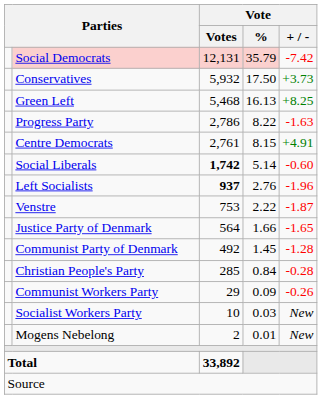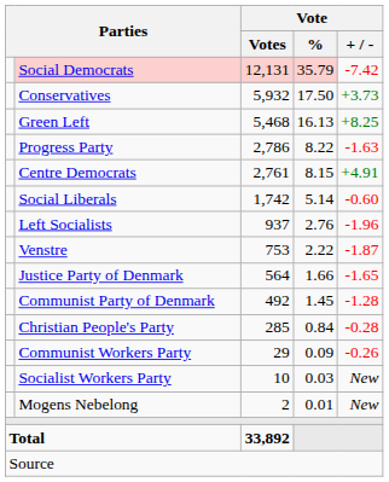 <table class="wikitable" style="text-align:right;">
 <tr>
 <th style="text-align:centre;" rowspan="2" colspan="2" width="225">Parties</th>
 <th colspan="3">Vote</th>
 </tr>
 <tr>
 <th width="15">Votes</th>
 <th width="15">%</th>
 <th width="15">+ / -</th>
 </tr>
 <tr>
 <td width="2" style="color:inherit;background:"></td>
 <td bgcolor=#fbd0ce  align="left"><a href='#'>Social Democrats</a></td>
 <td bgcolor=#fbd0ce>12,131</td>
 <td bgcolor=#fbd0ce>35.79</td>
 <td style=color:red;>-7.42</td>
 </tr>
 <tr>
 <td width="2" style="color:inherit;background:"></td>
 <td align="left"><a href='#'>Conservatives</a></td>
 <td>5,932</td>
 <td>17.50</td>
 <td style=color:green;>+3.73</td>
 </tr>
 <tr>
 <td width="2" style="color:inherit;background:"></td>
 <td align="left"><a href='#'>Green Left</a></td>
 <td>5,468</td>
 <td>16.13</td>
 <td style=color:green;>+8.25</td>
 </tr>
 <tr>
 <td width="2" style="color:inherit;background:"></td>
 <td align="left"><a href='#'>Progress Party</a></td>
 <td>2,786</td>
 <td>8.22</td>
 <td style=color:red;>-1.63</td>
 </tr>
 <tr>
 <td width="2" style="color:inherit;background:"></td>
 <td align="left"><a href='#'>Centre Democrats</a></td>
 <td>2,761</td>
 <td>8.15</td>
 <td style=color:green;>+4.91</td>
 </tr>
 <tr>
 <td width="2" style="color:inherit;background:"></td>
 <td align="left"><a href='#'>Social Liberals</a></td>
-<td><strong>1,742</strong></td>
+<td>1,742</td>
 <td>5.14</td>
 <td style=color:red;>-0.60</td>
 </tr>
 <tr>
 <td width="2" style="color:inherit;background:"></td>
 <td align="left"><a href='#'>Left Socialists</a></td>
-<td><strong>937</strong></td>
+<td>937</td>
 <td>2.76</td>
 <td style=color:red;>-1.96</td>
 </tr>
 <tr>
 <td width="2" style="color:inherit;background:"></td>
 <td align="left"><a href='#'>Venstre</a></td>
 <td>753</td>
 <td>2.22</td>
 <td style=color:red;>-1.87</td>
 </tr>
 <tr>
 <td width="2" style="color:inherit;background:"></td>
 <td align="left"><a href='#'>Justice Party of Denmark</a></td>
 <td>564</td>
 <td>1.66</td>
 <td style=color:red;>-1.65</td>
 </tr>
 <tr>
 <td width="2" style="color:inherit;background:"></td>
 <td align="left"><a href='#'>Communist Party of Denmark</a></td>
 <td>492</td>
 <td>1.45</td>
 <td style=color:red;>-1.28</td>
 </tr>
 <tr>
 <td width="2" style="color:inherit;background:"></td>
 <td align="left"><a href='#'>Christian People's Party</a></td>
 <td>285</td>
 <td>0.84</td>
 <td style=color:red;>-0.28</td>
 </tr>
 <tr>
 <td width="2" style="color:inherit;background:"></td>
 <td align="left"><a href='#'>Communist Workers Party</a></td>
 <td>29</td>
 <td>0.09</td>
 <td style=color:red;>-0.26</td>
 </tr>
 <tr>
 <td width="2" style="color:inherit;background:"></td>
 <td align="left"><a href='#'>Socialist Workers Party</a></td>
 <td>10</td>
 <td>0.03</td>
 <td><em>New</em></td>
 </tr>
 <tr>
 <td width="2" style="color:inherit;background:"></td>
 <td align="left">Mogens Nebelong</td>
 <td>2</td>
 <td>0.01</td>
 <td><em>New</em></td>
 </tr>
 <tr>
 <td colspan="7" bgcolor="#E9E9E9"></td>
 </tr>
 <tr>
 <td align="left" colspan="2"><strong>Total</strong></td>
 <td><strong>33,892</strong></td>
 <td bgcolor="#E9E9E9" colspan="2"></td>
 </tr>
 <tr>
 <td align="left" colspan="6">Source</td>
 </tr>
 </table>
